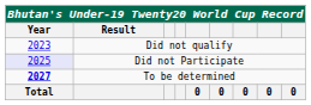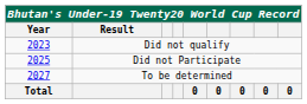 <table class="wikitable" style="text-align:center">
 <tr>
 <th style="color:white; background:#006A4E;" colspan=9><strong><big><em>Bhutan's Under-19 Twenty20 World Cup Record</em></big></strong></th>
 </tr>
 <tr>
 <th>Year</th>
 <th>Result</th>
 <th></th>
 <th></th>
 <th></th>
 <th></th>
 <th></th>
 <th></th>
 <th></th>
 </tr>
 <tr>
 <td> <a href='#'>2023</a></td>
 <td colspan=8>Did not qualify</td>
 </tr>
 <tr>
-<td style="background: lavender;"> <a href='#'>2025</a></td>
+<td> <a href='#'>2025</a></td>
 <td colspan="8">Did not Participate</td>
 </tr>
 <tr>
-<td><strong> <a href='#'>2027</a></strong></td>
+<td> <a href='#'>2027</a></td>
 <td colspan="8">To be determined</td>
 </tr>
 <tr>
 <th>Total</th>
 <th></th>
 <th></th>
 <th></th>
 <th>0</th>
 <th>0</th>
 <th>0</th>
 <th>0</th>
 <th>0</th>
 </tr>
 </table>
